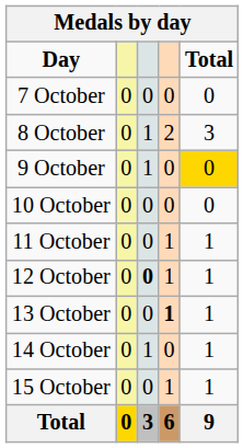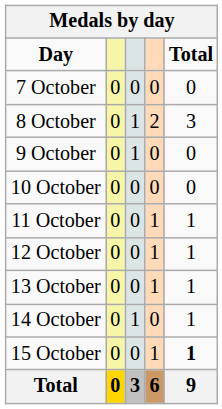 <table class="wikitable" style="font-size:85%; float:right">
 <tr align=center>
 <th colspan=5>Medals by day</th>
 </tr>
 <tr align=center>
 <td><strong>Day</strong></td>
 <td bgcolor=#f7f6a8></td>
 <td bgcolor=#dce5e5></td>
 <td bgcolor=#ffdab9></td>
 <td><strong>Total</strong></td>
 </tr>
 <tr align=center>
 <td>7 October</td>
 <td bgcolor=#f7f6a8>0</td>
 <td bgcolor=#dce5e5>0</td>
 <td bgcolor=#ffdab9>0</td>
 <td>0</td>
 </tr>
 <tr align=center>
 <td>8 October</td>
 <td bgcolor=#f7f6a8>0</td>
 <td bgcolor=#dce5e5>1</td>
 <td bgcolor=#ffdab9>2</td>
 <td>3</td>
 </tr>
 <tr align=center>
 <td>9 October</td>
 <td bgcolor=#f7f6a8>0</td>
 <td bgcolor=#dce5e5>1</td>
 <td bgcolor=#ffdab9>0</td>
-<td style="background: gold;">0</td>
+<td>0</td>
 </tr>
 <tr align=center>
 <td>10 October</td>
 <td bgcolor=#f7f6a8>0</td>
 <td bgcolor=#dce5e5>0</td>
 <td bgcolor=#ffdab9>0</td>
 <td>0</td>
 </tr>
 <tr align=center>
 <td>11 October</td>
 <td bgcolor=#f7f6a8>0</td>
 <td bgcolor=#dce5e5>0</td>
 <td bgcolor=#ffdab9>1</td>
 <td>1</td>
 </tr>
 <tr align=center>
 <td>12 October</td>
 <td bgcolor=#f7f6a8>0</td>
-<td bgcolor=#dce5e5><strong>0</strong></td>
+<td bgcolor=#dce5e5>0</td>
 <td bgcolor=#ffdab9>1</td>
 <td>1</td>
 </tr>
 <tr align=center>
 <td>13 October</td>
 <td bgcolor=#f7f6a8>0</td>
 <td bgcolor=#dce5e5>0</td>
-<td bgcolor=#ffdab9><strong>1</strong></td>
+<td bgcolor=#ffdab9>1</td>
 <td>1</td>
 </tr>
 <tr align=center>
 <td>14 October</td>
 <td bgcolor=#f7f6a8>0</td>
 <td bgcolor=#dce5e5>1</td>
 <td bgcolor=#ffdab9>0</td>
 <td>1</td>
 </tr>
 <tr align=center>
 <td>15 October</td>
 <td bgcolor=#f7f6a8>0</td>
 <td bgcolor=#dce5e5>0</td>
 <td bgcolor=#ffdab9>1</td>
-<td>1</td>
+<td><strong>1</strong></td>
 </tr>
 <tr align=center>
 <th bgcolor=#efefef>Total</th>
 <th style="background:gold;">0</th>
 <th style="background:silver;">3</th>
 <th style="background:#c96;">6</th>
 <th>9</th>
 </tr>
 </table>
